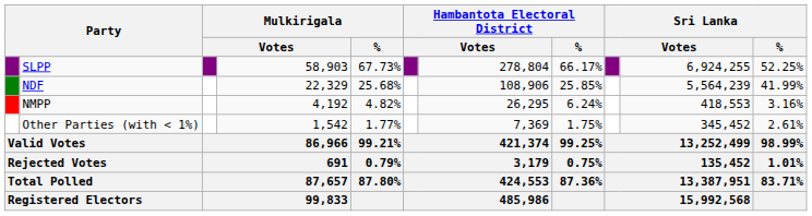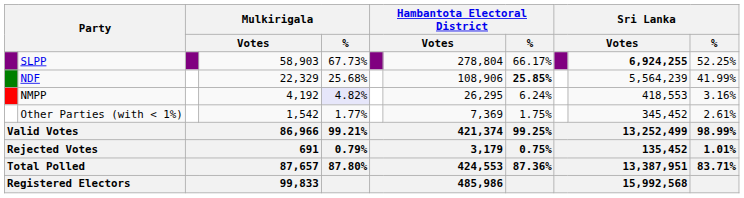 <table class="wikitable">
 <tr>
 <th colspan="2" width="144px"rowspan="2">Party</th>
 <th colspan="3" width="216px">Mulkirigala</th>
 <th colspan="3" width="216px"><a href='#'>Hambantota Electoral District</a></th>
 <th colspan="3" width="216px">Sri Lanka</th>
 </tr>
 <tr>
 <th colspan="2" width="144px">Votes</th>
 <th>%</th>
 <th colspan="2" width="144px">Votes</th>
 <th>%</th>
 <th colspan="2" width="144px">Votes</th>
 <th>%</th>
 </tr>
 <tr>
 <td style="background-color:purple;" width="10px"></td>
 <td style="text-align:left;"><a href='#'>SLPP</a></td>
 <td style="background-color:purple;" width="10px"></td>
 <td style="text-align:right;">58,903</td>
 <td style="text-align:right;">67.73%</td>
 <td style="background-color:purple;" width="10px"></td>
 <td style="text-align:right;">278,804</td>
 <td style="text-align:right;">66.17%</td>
 <td style="background-color:purple;" width="10px"></td>
-<td style="text-align:right;">6,924,255</td>
+<td style="text-align:right;"><strong>6,924,255</strong></td>
 <td style="text-align:right;">52.25%</td>
 </tr>
 <tr>
 <td style="background-color:green;" width="10px"></td>
 <td style="text-align:left;"><a href='#'>NDF</a></td>
 <td style="background-color:white;" width="10px"></td>
 <td style="text-align:right;">22,329</td>
 <td style="text-align:right;">25.68%</td>
 <td style="background-color:white;" width="10px"></td>
 <td style="text-align:right;">108,906</td>
-<td style="text-align:right;">25.85%</td>
+<td style="text-align:right;"><strong>25.85%</strong></td>
 <td style="background-color:white;" width="10px"></td>
 <td style="text-align:right;">5,564,239</td>
 <td style="text-align:right;">41.99%</td>
 </tr>
 <tr>
 <td style="background-color:red;" width="10px"></td>
 <td style="text-align:left;">NMPP</td>
 <td style="background-color:white;" width="10px"></td>
 <td style="text-align:right;">4,192</td>
-<td style="text-align:right;">4.82%</td>
+<td style="background: lavender; text-align:right;">4.82%</td>
 <td style="background-color:white;" width="10px"></td>
 <td style="text-align:right;">26,295</td>
 <td style="text-align:right;">6.24%</td>
 <td style="background-color:white;" width="10px"></td>
 <td style="text-align:right;">418,553</td>
 <td style="text-align:right;">3.16%</td>
 </tr>
 <tr>
 <td style="background-color:white;" width="10px"></td>
 <td style="text-align:left;">Other Parties (with < 1%)</td>
 <td style="background-color:white;" width="10px"></td>
 <td style="text-align:right;">1,542</td>
 <td style="text-align:right;">1.77%</td>
 <td style="background-color:white;" width="10px"></td>
 <td style="text-align:right;">7,369</td>
 <td style="text-align:right;">1.75%</td>
 <td style="background-color:white;" width="10px"></td>
 <td style="text-align:right;">345,452</td>
 <td style="text-align:right;">2.61%</td>
 </tr>
 <tr>
 <th colspan="2" width="144px"style="text-align:left;">Valid Votes</th>
 <th style="text-align:right;"colspan="2" width="144px">86,966</th>
 <th style="text-align:right;">99.21%</th>
 <th style="text-align:right;"colspan="2" width="144px">421,374</th>
 <th style="text-align:right;">99.25%</th>
 <th style="text-align:right;"colspan="2" width="144px">13,252,499</th>
 <th style="text-align:right;">98.99%</th>
 </tr>
 <tr>
 <th colspan="2" width="144px"style="text-align:left;">Rejected Votes</th>
 <th style="text-align:right;"colspan="2" width="144px">691</th>
 <th style="text-align:right;">0.79%</th>
 <th style="text-align:right;"colspan="2" width="144px">3,179</th>
 <th style="text-align:right;">0.75%</th>
 <th style="text-align:right;"colspan="2" width="144px">135,452</th>
 <th style="text-align:right;">1.01%</th>
 </tr>
 <tr>
 <th colspan="2" width="144px"style="text-align:left;">Total Polled</th>
 <th style="text-align:right;"colspan="2" width="144px">87,657</th>
 <th style="text-align:right;">87.80%</th>
 <th style="text-align:right;"colspan="2" width="144px">424,553</th>
 <th style="text-align:right;">87.36%</th>
 <th style="text-align:right;"colspan="2" width="144px">13,387,951</th>
 <th style="text-align:right;">83.71%</th>
 </tr>
 <tr>
 <th colspan="2" width="144px"style="text-align:left;">Registered Electors</th>
 <th style="text-align:right;"colspan="2" width="144px">99,833</th>
 <th></th>
 <th style="text-align:right;"colspan="2" width="144px">485,986</th>
 <th></th>
 <th style="text-align:right;"colspan="2" width="144px">15,992,568</th>
 <th></th>
 </tr>
 </table>
